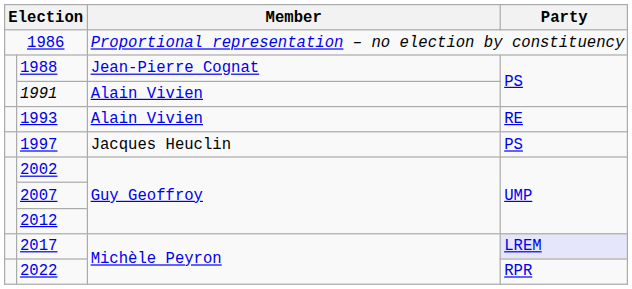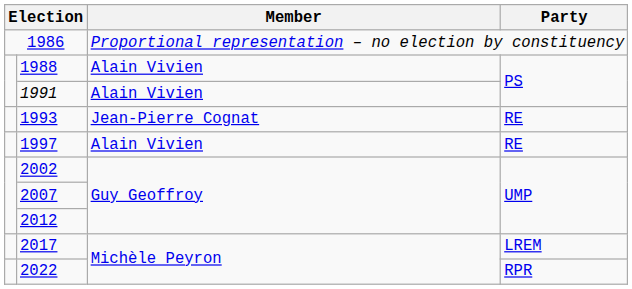 <table class="wikitable">
 <tr>
 <th colspan="2">Election</th>
 <th>Member</th>
 <th>Party</th>
 </tr>
 <tr>
 <td colspan="2" align="center"><a href='#'>1986</a></td>
 <td colspan="2"><em><a href='#'>Proportional representation</a> – no election by constituency</em></td>
 </tr>
 <tr>
 <td rowspan="2" style="color:inherit;background-color: "></td>
 <td><a href='#'>1988</a></td>
-<td><a href='#'>Jean-Pierre Cognat</a></td>
+<td><a href='#'>Alain Vivien</a></td>
 <td rowspan="2"><a href='#'>PS</a></td>
 </tr>
 <tr>
 <td><em>1991</em></td>
 <td><a href='#'>Alain Vivien</a></td>
 </tr>
 <tr>
 <td style="color:inherit;background-color: "></td>
 <td><a href='#'>1993</a></td>
-<td><a href='#'>Alain Vivien</a></td>
+<td><a href='#'>Jean-Pierre Cognat</a></td>
 <td><a href='#'>RE</a></td>
 </tr>
 <tr>
 <td style="color:inherit;background-color: "></td>
 <td><a href='#'>1997</a></td>
-<td>Jacques Heuclin</td>
-<td><a href='#'>PS</a></td>
+<td><a href='#'>Alain Vivien</a></td>
+<td><a href='#'>RE</a></td>
 </tr>
 <tr>
 <td rowspan="3" style="color:inherit;background-color: "></td>
 <td><a href='#'>2002</a></td>
 <td rowspan="3"><a href='#'>Guy Geoffroy</a></td>
 <td rowspan="3"><a href='#'>UMP</a></td>
 </tr>
 <tr>
 <td><a href='#'>2007</a></td>
 </tr>
 <tr>
 <td><a href='#'>2012</a></td>
 </tr>
 <tr>
 <td style="color:inherit;background:"></td>
 <td><a href='#'>2017</a></td>
 <td rowspan="2"><a href='#'>Michèle Peyron</a></td>
-<td style="background: lavender;"><a href='#'>LREM</a></td>
+<td><a href='#'>LREM</a></td>
 </tr>
 <tr>
 <td style="color:inherit;background:"></td>
 <td><a href='#'>2022</a></td>
 <td><a href='#'>RPR</a></td>
 </tr>
 </table>
